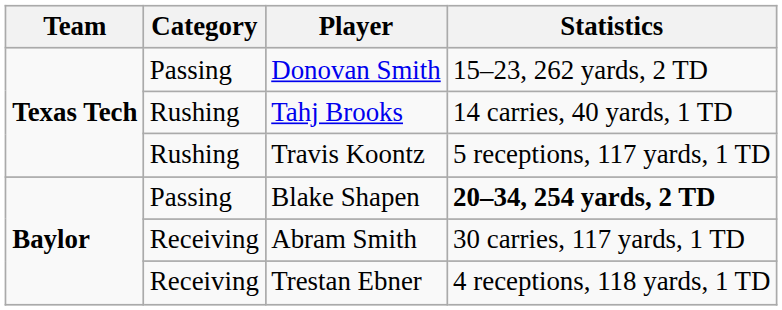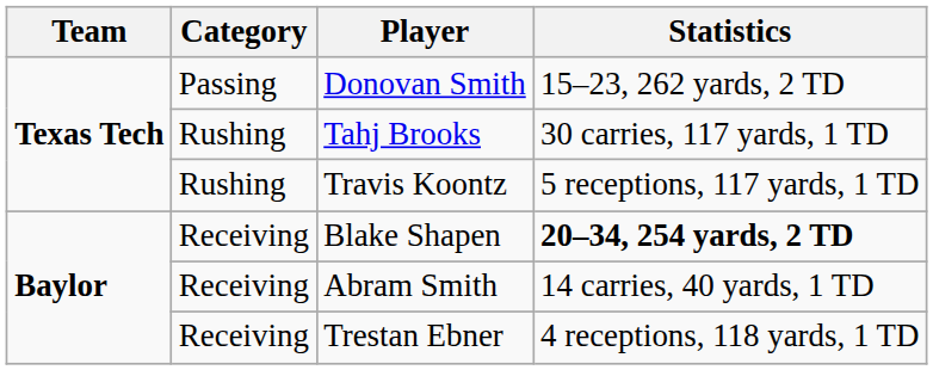 <table class="wikitable" style="float: right;">
 <tr>
 <th>Team</th>
 <th>Category</th>
 <th>Player</th>
 <th>Statistics</th>
 </tr>
 <tr>
 <td rowspan=3><strong>Texas Tech</strong></td>
 <td>Passing</td>
 <td><a href='#'>Donovan Smith</a></td>
 <td>15–23, 262 yards, 2 TD</td>
 </tr>
 <tr>
 <td>Rushing</td>
 <td><a href='#'>Tahj Brooks</a></td>
-<td>14 carries, 40 yards, 1 TD</td>
+<td>30 carries, 117 yards, 1 TD</td>
 </tr>
 <tr>
 <td>Rushing</td>
 <td>Travis Koontz</td>
 <td>5 receptions, 117 yards, 1 TD</td>
 </tr>
 <tr>
 <td rowspan=3><strong>Baylor</strong></td>
-<td>Passing</td>
+<td>Receiving</td>
 <td>Blake Shapen</td>
 <td><strong>20–34, 254 yards, 2 TD</strong></td>
 </tr>
 <tr>
 <td>Receiving</td>
 <td>Abram Smith</td>
-<td>30 carries, 117 yards, 1 TD</td>
+<td>14 carries, 40 yards, 1 TD</td>
 </tr>
 <tr>
 <td>Receiving</td>
 <td>Trestan Ebner</td>
 <td>4 receptions, 118 yards, 1 TD</td>
 </tr>
 </table>
